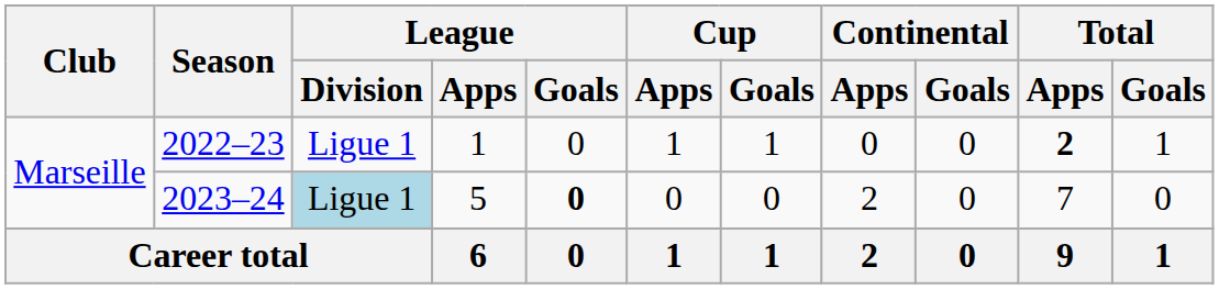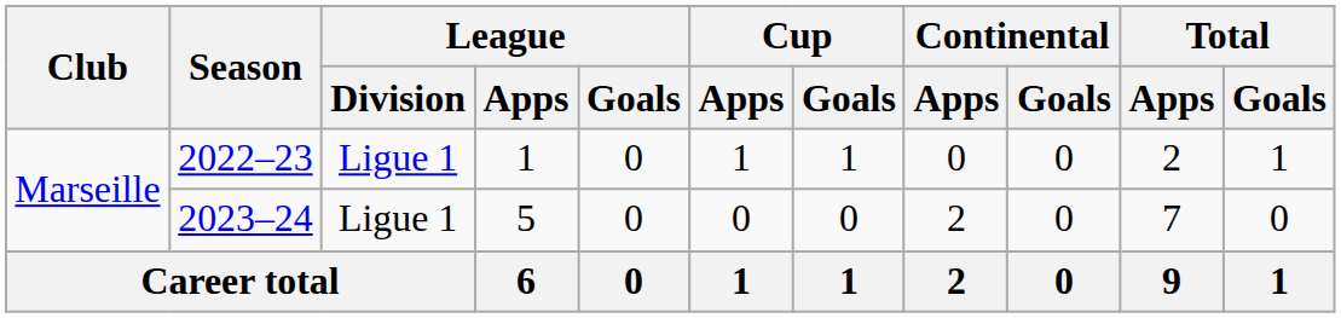 <table class="wikitable" style="text-align:center">
 <tr>
 <th rowspan="2">Club</th>
 <th rowspan="2">Season</th>
 <th colspan="3">League</th>
 <th colspan="2">Cup</th>
 <th colspan="2">Continental</th>
 <th colspan="2">Total</th>
 </tr>
 <tr>
 <th>Division</th>
 <th>Apps</th>
 <th>Goals</th>
 <th>Apps</th>
 <th>Goals</th>
 <th>Apps</th>
 <th>Goals</th>
 <th>Apps</th>
 <th>Goals</th>
 </tr>
 <tr>
 <td rowspan="2"><a href='#'>Marseille</a></td>
 <td><a href='#'>2022–23</a></td>
 <td><a href='#'>Ligue 1</a></td>
 <td>1</td>
 <td>0</td>
 <td>1</td>
 <td>1</td>
 <td>0</td>
 <td>0</td>
-<td><strong>2</strong></td>
+<td>2</td>
 <td>1</td>
 </tr>
 <tr>
 <td><a href='#'>2023–24</a></td>
-<td style="background: lightblue;">Ligue 1</td>
+<td>Ligue 1</td>
 <td>5</td>
-<td><strong>0</strong></td>
+<td>0</td>
 <td>0</td>
 <td>0</td>
 <td>2</td>
 <td>0</td>
 <td>7</td>
 <td>0</td>
 </tr>
 <tr>
 <th colspan="3">Career total</th>
 <th>6</th>
 <th>0</th>
 <th>1</th>
 <th>1</th>
 <th>2</th>
 <th>0</th>
 <th>9</th>
 <th>1</th>
 </tr>
 </table>
